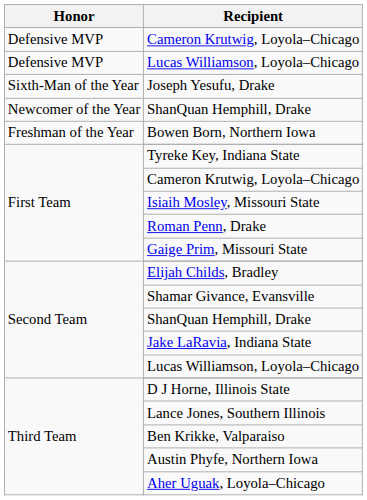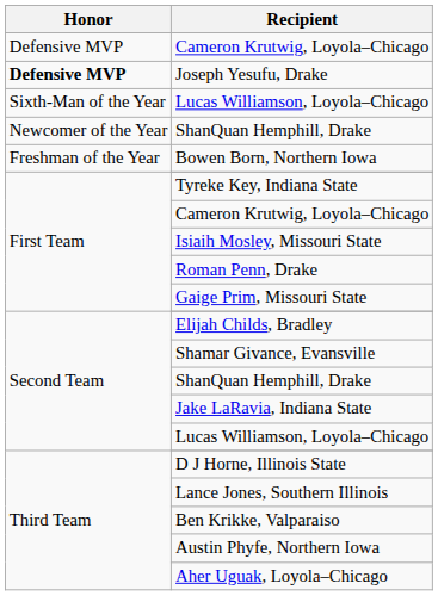 <table class="wikitable" border="1">
 <tr>
 <th>Honor</th>
 <th>Recipient</th>
 </tr>
 <tr>
 <td>Defensive MVP</td>
 <td><a href='#'>Cameron Krutwig</a>, Loyola–Chicago</td>
 </tr>
 <tr>
-<td>Defensive MVP</td>
-<td><a href='#'>Lucas Williamson</a>, Loyola–Chicago</td>
+<td><strong>Defensive MVP</strong></td>
+<td>Joseph Yesufu, Drake</td>
 </tr>
 <tr>
 <td>Sixth-Man of the Year</td>
-<td>Joseph Yesufu, Drake</td>
+<td><a href='#'>Lucas Williamson</a>, Loyola–Chicago</td>
 </tr>
 <tr>
 <td>Newcomer of the Year</td>
 <td>ShanQuan Hemphill, Drake</td>
 </tr>
 <tr>
 <td>Freshman of the Year</td>
 <td>Bowen Born, Northern Iowa</td>
 </tr>
 <tr>
 <td rowspan="6" valign="middle">First Team</td>
 </tr>
 <tr>
 <td>Tyreke Key, Indiana State</td>
 </tr>
 <tr>
 <td>Cameron Krutwig, Loyola–Chicago</td>
 </tr>
 <tr>
 <td><a href='#'>Isiaih Mosley</a>, Missouri State</td>
 </tr>
 <tr>
 <td><a href='#'>Roman Penn</a>, Drake</td>
 </tr>
 <tr>
 <td><a href='#'>Gaige Prim</a>, Missouri State</td>
 </tr>
 <tr>
 <td rowspan="6" valign="middle">Second Team</td>
 </tr>
 <tr>
 <td><a href='#'>Elijah Childs</a>, Bradley</td>
 </tr>
 <tr>
 <td>Shamar Givance, Evansville</td>
 </tr>
 <tr>
 <td>ShanQuan Hemphill, Drake</td>
 </tr>
 <tr>
 <td><a href='#'>Jake LaRavia</a>, Indiana State</td>
 </tr>
 <tr>
 <td>Lucas Williamson, Loyola–Chicago</td>
 </tr>
 <tr>
 <td rowspan="6" valign="middle">Third Team</td>
 </tr>
 <tr>
 <td>D J Horne, Illinois State</td>
 </tr>
 <tr>
 <td>Lance Jones, Southern Illinois</td>
 </tr>
 <tr>
 <td>Ben Krikke, Valparaiso</td>
 </tr>
 <tr>
 <td>Austin Phyfe, Northern Iowa</td>
 </tr>
 <tr>
 <td><a href='#'>Aher Uguak</a>, Loyola–Chicago</td>
 </tr>
 </table>
